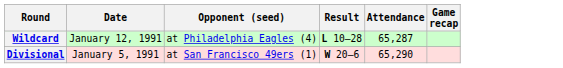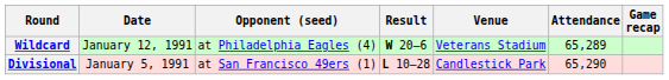 <table class="wikitable" style="text-align:center">
 <tr>
 <th>Round</th>
 <th>Date</th>
 <th>Opponent (seed)</th>
 <th>Result</th>
+<th>Venue</th>
 <th>Attendance</th>
 <th>Game<br>recap</th>
 </tr>
 <tr style="background:#cfc">
 <th><a href='#'>Wildcard</a></th>
 <td>January 12, 1991</td>
 <td>at <a href='#'>Philadelphia Eagles</a> (4)</td>
-<td><strong>L</strong> 10–28</td>
-<td>65,287</td>
+<td><strong>W</strong> 20–6</td>
+<td><a href='#'>Veterans Stadium</a></td>
+<td>65,289</td>
 <td></td>
 </tr>
 <tr style="background: #ffdddd;" align="center">
 <th><a href='#'>Divisional</a></th>
 <td>January 5, 1991</td>
 <td>at <a href='#'>San Francisco 49ers</a> (1)</td>
-<td><strong>W</strong> 20–6</td>
+<td><strong>L</strong> 10–28</td>
+<td><a href='#'>Candlestick Park</a></td>
 <td>65,290</td>
 <td></td>
 </tr>
 </table>
